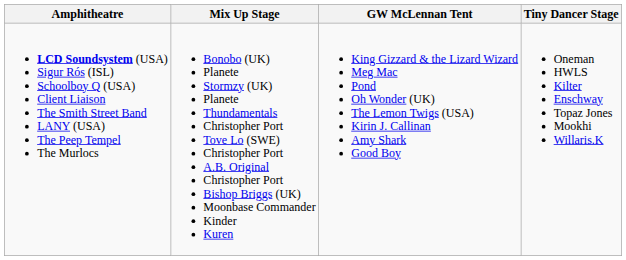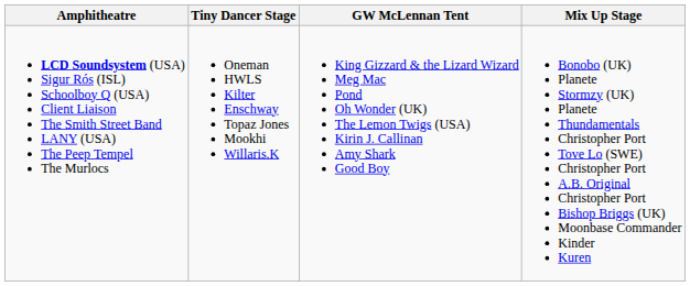 <table class="wikitable">
 <tr>
 <th>Amphitheatre</th>
+<th>Tiny Dancer Stage</th>
+<th>GW McLennan Tent</th>
 <th>Mix Up Stage</th>
-<th>GW McLennan Tent</th>
-<th>Tiny Dancer Stage</th>
 </tr>
 <tr valign="top">
 <td><br><ul><li><strong><a href='#'>LCD Soundsystem</a></strong> (USA)</li><li><a href='#'>Sigur Rós</a> (ISL)</li><li><a href='#'>Schoolboy Q</a> (USA)</li><li><a href='#'>Client Liaison</a></li><li><a href='#'>The Smith Street Band</a></li><li><a href='#'>LANY</a> (USA)</li><li><a href='#'>The Peep Tempel</a></li><li>The Murlocs</li></ul></td>
+<td><br><ul><li>Oneman</li><li>HWLS</li><li><a href='#'>Kilter</a></li><li><a href='#'>Enschway</a></li><li>Topaz Jones</li><li>Mookhi</li><li><a href='#'>Willaris.K</a></li></ul></td>
+<td><br><ul><li><a href='#'>King Gizzard & the Lizard Wizard</a></li><li><a href='#'>Meg Mac</a></li><li><a href='#'>Pond</a></li><li><a href='#'>Oh Wonder</a> (UK)</li><li><a href='#'>The Lemon Twigs</a> (USA)</li><li><a href='#'>Kirin J. Callinan</a></li><li><a href='#'>Amy Shark</a></li><li><a href='#'>Good Boy</a></li></ul></td>
 <td><br><ul><li><a href='#'>Bonobo</a> (UK)</li><li>Planete</li><li><a href='#'>Stormzy</a> (UK)</li><li>Planete</li><li><a href='#'>Thundamentals</a></li><li>Christopher Port</li><li><a href='#'>Tove Lo</a> (SWE)</li><li>Christopher Port</li><li><a href='#'>A.B. Original</a></li><li>Christopher Port</li><li><a href='#'>Bishop Briggs</a> (UK)</li><li>Moonbase Commander</li><li>Kinder</li><li><a href='#'>Kuren</a></li></ul></td>
-<td><br><ul><li><a href='#'>King Gizzard & the Lizard Wizard</a></li><li><a href='#'>Meg Mac</a></li><li><a href='#'>Pond</a></li><li><a href='#'>Oh Wonder</a> (UK)</li><li><a href='#'>The Lemon Twigs</a> (USA)</li><li><a href='#'>Kirin J. Callinan</a></li><li><a href='#'>Amy Shark</a></li><li><a href='#'>Good Boy</a></li></ul></td>
-<td><br><ul><li>Oneman</li><li>HWLS</li><li><a href='#'>Kilter</a></li><li><a href='#'>Enschway</a></li><li>Topaz Jones</li><li>Mookhi</li><li><a href='#'>Willaris.K</a></li></ul></td>
 </tr>
 </table>
